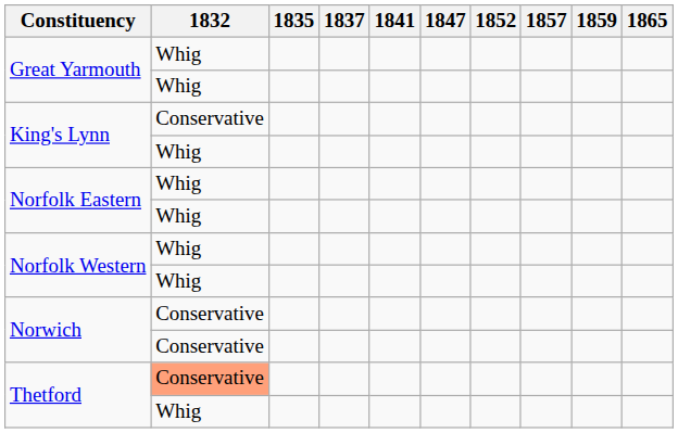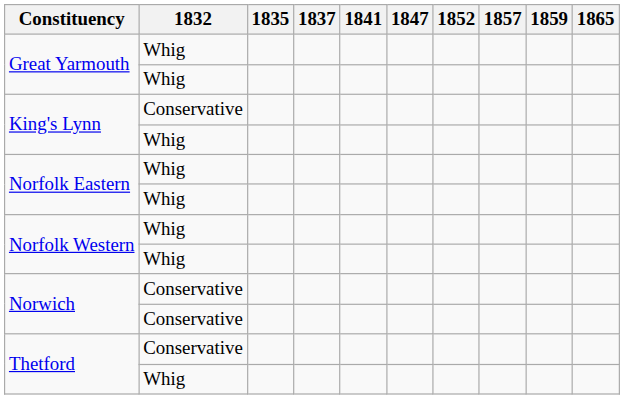 <table class=wikitable sortable>
 <tr>
 <th>Constituency</th>
 <th>1832</th>
 <th>1835</th>
 <th>1837</th>
 <th>1841</th>
 <th>1847</th>
 <th>1852</th>
 <th>1857</th>
 <th>1859</th>
 <th>1865</th>
 </tr>
 <tr>
 <td rowspan=2><a href='#'>Great Yarmouth</a></td>
 <td bgcolor=>Whig</td>
 <td></td>
 <td></td>
 <td></td>
 <td></td>
 <td></td>
 <td></td>
 <td></td>
 <td></td>
 </tr>
 <tr>
 <td bgcolor=>Whig</td>
 <td></td>
 <td></td>
 <td></td>
 <td></td>
 <td></td>
 <td></td>
 <td></td>
 <td></td>
 </tr>
 <tr>
 <td rowspan=2><a href='#'>King's Lynn</a></td>
 <td bgcolor=>Conservative</td>
 <td></td>
 <td></td>
 <td></td>
 <td></td>
 <td></td>
 <td></td>
 <td></td>
 <td></td>
 </tr>
 <tr>
 <td bgcolor=>Whig</td>
 <td></td>
 <td></td>
 <td></td>
 <td></td>
 <td></td>
 <td></td>
 <td></td>
 <td></td>
 </tr>
 <tr>
 <td rowspan=2><a href='#'>Norfolk Eastern</a></td>
 <td bgcolor=>Whig</td>
 <td></td>
 <td></td>
 <td></td>
 <td></td>
 <td></td>
 <td></td>
 <td></td>
 <td></td>
 </tr>
 <tr>
 <td bgcolor=>Whig</td>
 <td></td>
 <td></td>
 <td></td>
 <td></td>
 <td></td>
 <td></td>
 <td></td>
 <td></td>
 </tr>
 <tr>
 <td rowspan=2><a href='#'>Norfolk Western</a></td>
 <td bgcolor=>Whig</td>
 <td></td>
 <td></td>
 <td></td>
 <td></td>
 <td></td>
 <td></td>
 <td></td>
 <td></td>
 </tr>
 <tr>
 <td bgcolor=>Whig</td>
 <td></td>
 <td></td>
 <td></td>
 <td></td>
 <td></td>
 <td></td>
 <td></td>
 <td></td>
 </tr>
 <tr>
 <td rowspan="2"><a href='#'>Norwich</a></td>
 <td>Conservative</td>
 <td></td>
 <td></td>
 <td></td>
 <td></td>
 <td></td>
 <td></td>
 <td></td>
 <td></td>
 </tr>
 <tr>
 <td>Conservative</td>
 <td></td>
 <td></td>
 <td></td>
 <td></td>
 <td></td>
 <td></td>
 <td></td>
 <td></td>
 </tr>
 <tr>
 <td rowspan="2"><a href='#'>Thetford</a></td>
-<td style="background: lightsalmon;">Conservative</td>
+<td>Conservative</td>
 <td></td>
 <td></td>
 <td></td>
 <td></td>
 <td></td>
 <td></td>
 <td></td>
 <td></td>
 </tr>
 <tr>
 <td>Whig</td>
 <td></td>
 <td></td>
 <td></td>
 <td></td>
 <td></td>
 <td></td>
 <td></td>
 <td></td>
 </tr>
 </table>
